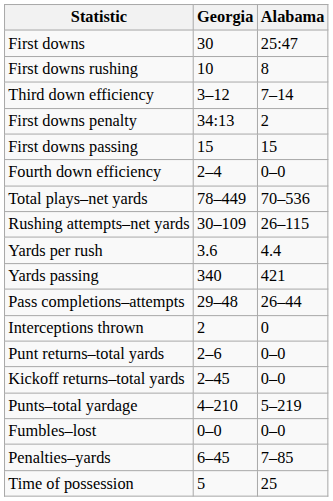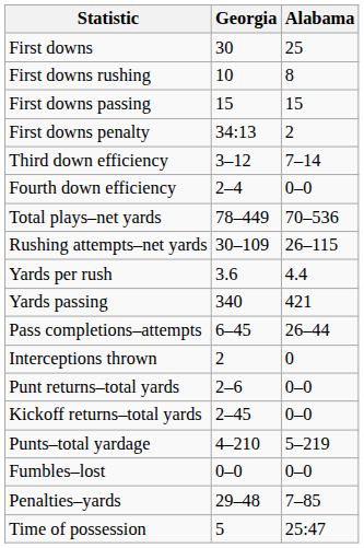 <table class="wikitable">
 <tr>
 <th>Statistic</th>
 <th><strong>Georgia</strong></th>
 <th><strong>Alabama</strong></th>
 </tr>
 <tr>
 <td>First downs</td>
 <td>30</td>
-<td>25:47</td>
+<td>25</td>
 </tr>
 <tr>
 <td>First downs rushing</td>
 <td>10</td>
 <td>8</td>
 </tr>
 <tr>
-<td>Third down efficiency</td>
-<td>3–12</td>
-<td>7–14</td>
+<td>First downs passing</td>
+<td>15</td>
+<td>15</td>
 </tr>
 <tr>
 <td>First downs penalty</td>
 <td>34:13</td>
 <td>2</td>
 </tr>
 <tr>
-<td>First downs passing</td>
-<td>15</td>
-<td>15</td>
+<td>Third down efficiency</td>
+<td>3–12</td>
+<td>7–14</td>
 </tr>
 <tr>
 <td>Fourth down efficiency</td>
 <td>2–4</td>
 <td>0–0</td>
 </tr>
 <tr>
 <td>Total plays–net yards</td>
 <td>78–449</td>
 <td>70–536</td>
 </tr>
 <tr>
 <td>Rushing attempts–net yards</td>
 <td>30–109</td>
 <td>26–115</td>
 </tr>
 <tr>
 <td>Yards per rush</td>
 <td>3.6</td>
 <td>4.4</td>
 </tr>
 <tr>
 <td>Yards passing</td>
 <td>340</td>
 <td>421</td>
 </tr>
 <tr>
 <td>Pass completions–attempts</td>
-<td>29–48</td>
+<td>6–45</td>
 <td>26–44</td>
 </tr>
 <tr>
 <td>Interceptions thrown</td>
 <td>2</td>
 <td>0</td>
 </tr>
 <tr>
 <td>Punt returns–total yards</td>
 <td>2–6</td>
 <td>0–0</td>
 </tr>
 <tr>
 <td>Kickoff returns–total yards</td>
 <td>2–45</td>
 <td>0–0</td>
 </tr>
 <tr>
 <td>Punts–total yardage</td>
 <td>4–210</td>
 <td>5–219</td>
 </tr>
 <tr>
 <td>Fumbles–lost</td>
 <td>0–0</td>
 <td>0–0</td>
 </tr>
 <tr>
 <td>Penalties–yards</td>
-<td>6–45</td>
+<td>29–48</td>
 <td>7–85</td>
 </tr>
 <tr>
 <td>Time of possession</td>
 <td>5</td>
-<td>25</td>
+<td>25:47</td>
 </tr>
 </table>
